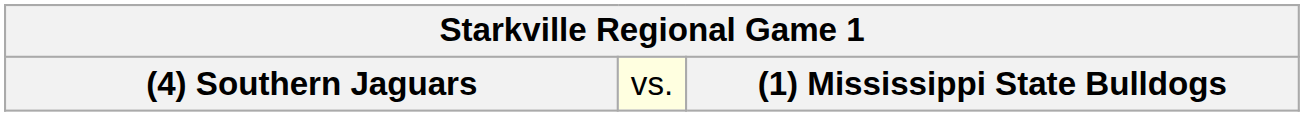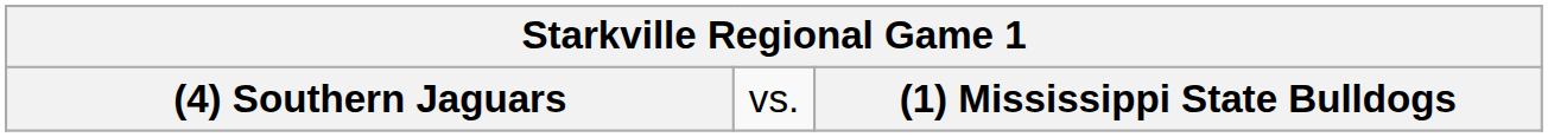 <table class="wikitable">
 <tr>
 <th style="width: 604px;" colspan=3>Starkville Regional Game 1</th>
 </tr>
 <tr>
 <th style="width: 289px; ">(4) Southern Jaguars</th>
-<td style="background: lightyellow; width: 25px; text-align:center">vs.</td>
+<td style="width: 25px; text-align:center">vs.</td>
 <th style="width: 289px; ">(1) Mississippi State Bulldogs</th>
 </tr>
 </table>
